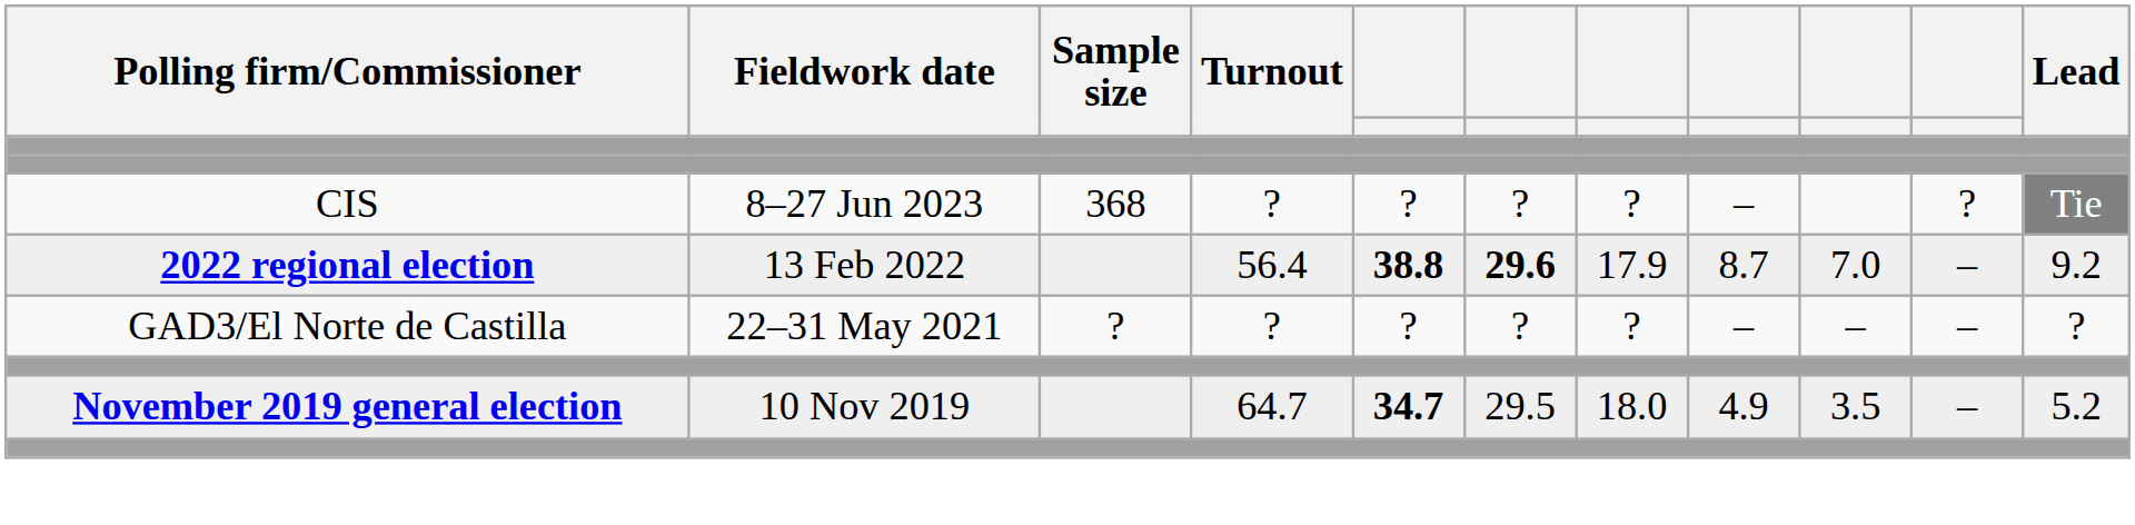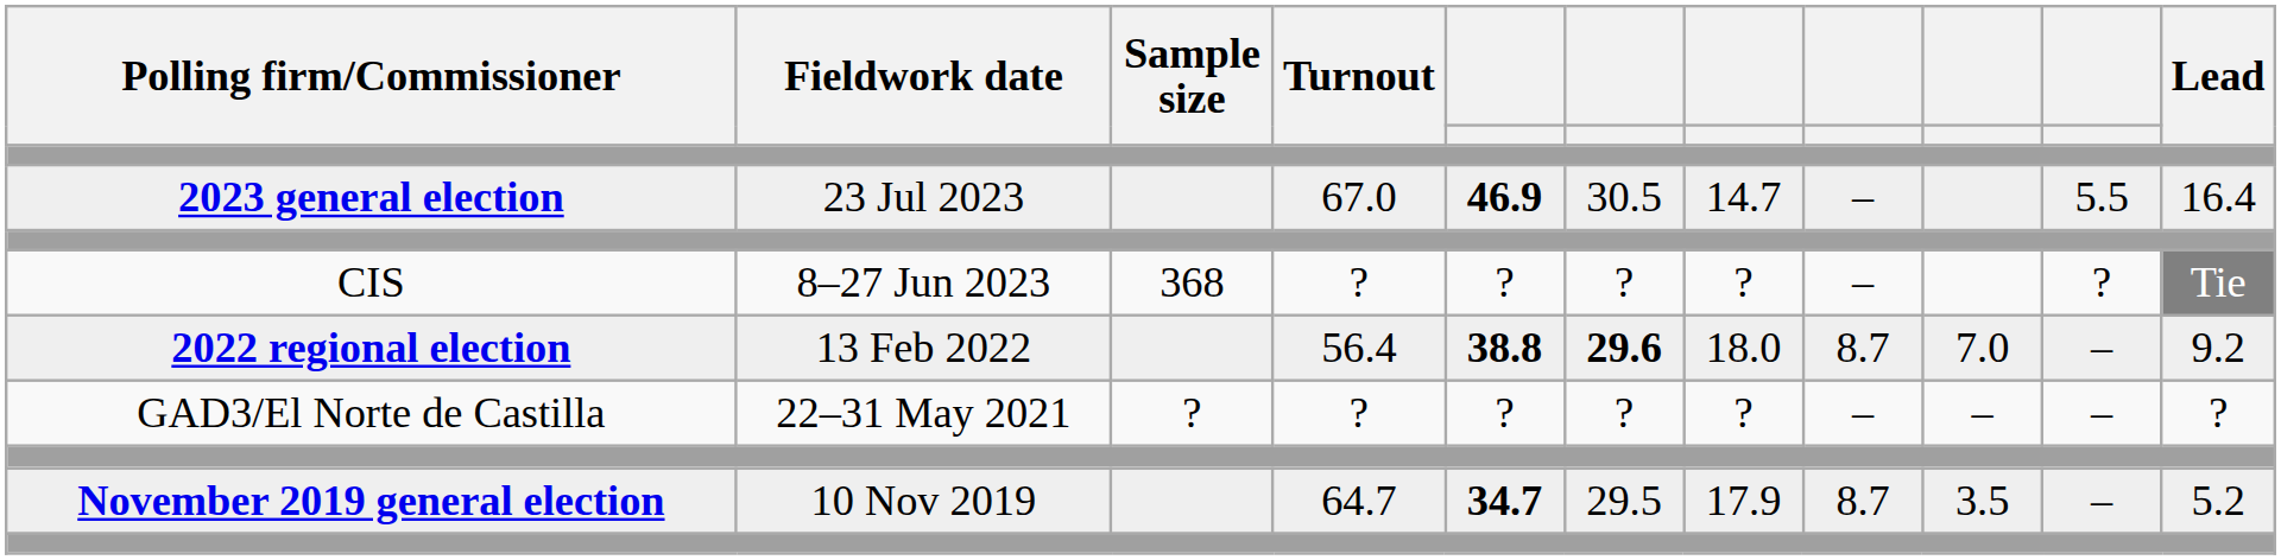 <table class="wikitable collapsible collapsed" style="text-align:center; font-size:95%; line-height:16px;">
 <tr style="height:42px;">
 <th style="width:250px;" rowspan="2">Polling firm/Commissioner</th>
 <th style="width:125px;" rowspan="2">Fieldwork date</th>
 <th style="width:50px;" rowspan="2">Sample size</th>
 <th style="width:45px;" rowspan="2">Turnout</th>
 <th style="width:35px;"></th>
 <th style="width:35px;"></th>
 <th style="width:35px;"></th>
 <th style="width:35px;"></th>
 <th style="width:35px;"></th>
 <th style="width:35px;"></th>
 <th style="width:30px;" rowspan="2">Lead</th>
 </tr>
 <tr>
 <th style="color:inherit;background:"></th>
 <th style="color:inherit;background:"></th>
 <th style="color:inherit;background:"></th>
 <th style="color:inherit;background:"></th>
 <th style="color:inherit;background:"></th>
 <th style="color:inherit;background:"></th>
 </tr>
 <tr>
 <td colspan="11" style="background:#A0A0A0"></td>
 </tr>
+<tr style="background:#EFEFEF;">
+<td><strong><a href='#'>2023 general election</a></strong></td>
+<td>23 Jul 2023</td>
+<td></td>
+<td>67.0</td>
+<td><strong>46.9</strong><br></td>
+<td>30.5<br></td>
+<td>14.7<br></td>
+<td>–</td>
+<td></td>
+<td>5.5<br></td>
+<td style="background:">16.4</td>
+</tr>
 <tr>
 <td colspan="11" style="background:#A0A0A0"></td>
 </tr>
 <tr>
 <td>CIS</td>
 <td>8–27 Jun 2023</td>
 <td>368</td>
 <td>?</td>
 <td>?<br></td>
 <td>?<br></td>
 <td>?<br></td>
 <td>–</td>
 <td></td>
 <td>?<br></td>
 <td style="background:gray; color:white;">Tie</td>
 </tr>
 <tr style="background:#EFEFEF;">
 <td><strong><a href='#'>2022 regional election</a></strong></td>
 <td>13 Feb 2022</td>
 <td></td>
 <td>56.4</td>
 <td><strong>38.8</strong><br></td>
 <td><strong>29.6<br></strong></td>
-<td>17.9<br></td>
+<td>18.0<br></td>
 <td>8.7<br></td>
 <td>7.0<br></td>
 <td>–</td>
 <td style="background:">9.2</td>
 </tr>
 <tr>
 <td>GAD3/El Norte de Castilla</td>
 <td>22–31 May 2021</td>
 <td>?</td>
 <td>?</td>
 <td>?<br></td>
 <td>?<br></td>
 <td>?<br></td>
 <td>–</td>
 <td>–</td>
 <td>–</td>
 <td style="background:">?</td>
 </tr>
 <tr>
 <td colspan="11" style="background:#A0A0A0"></td>
 </tr>
 <tr style="background:#EFEFEF;">
 <td><strong><a href='#'>November 2019 general election</a></strong></td>
 <td>10 Nov 2019</td>
 <td></td>
 <td>64.7</td>
 <td><strong>34.7</strong><br></td>
 <td>29.5<br></td>
-<td>18.0<br></td>
-<td>4.9<br></td>
+<td>17.9<br></td>
+<td>8.7<br></td>
 <td>3.5<br></td>
 <td>–</td>
 <td style="background:">5.2</td>
 </tr>
 <tr>
 <td colspan="11" style="background:#A0A0A0"></td>
 </tr>
 </table>
